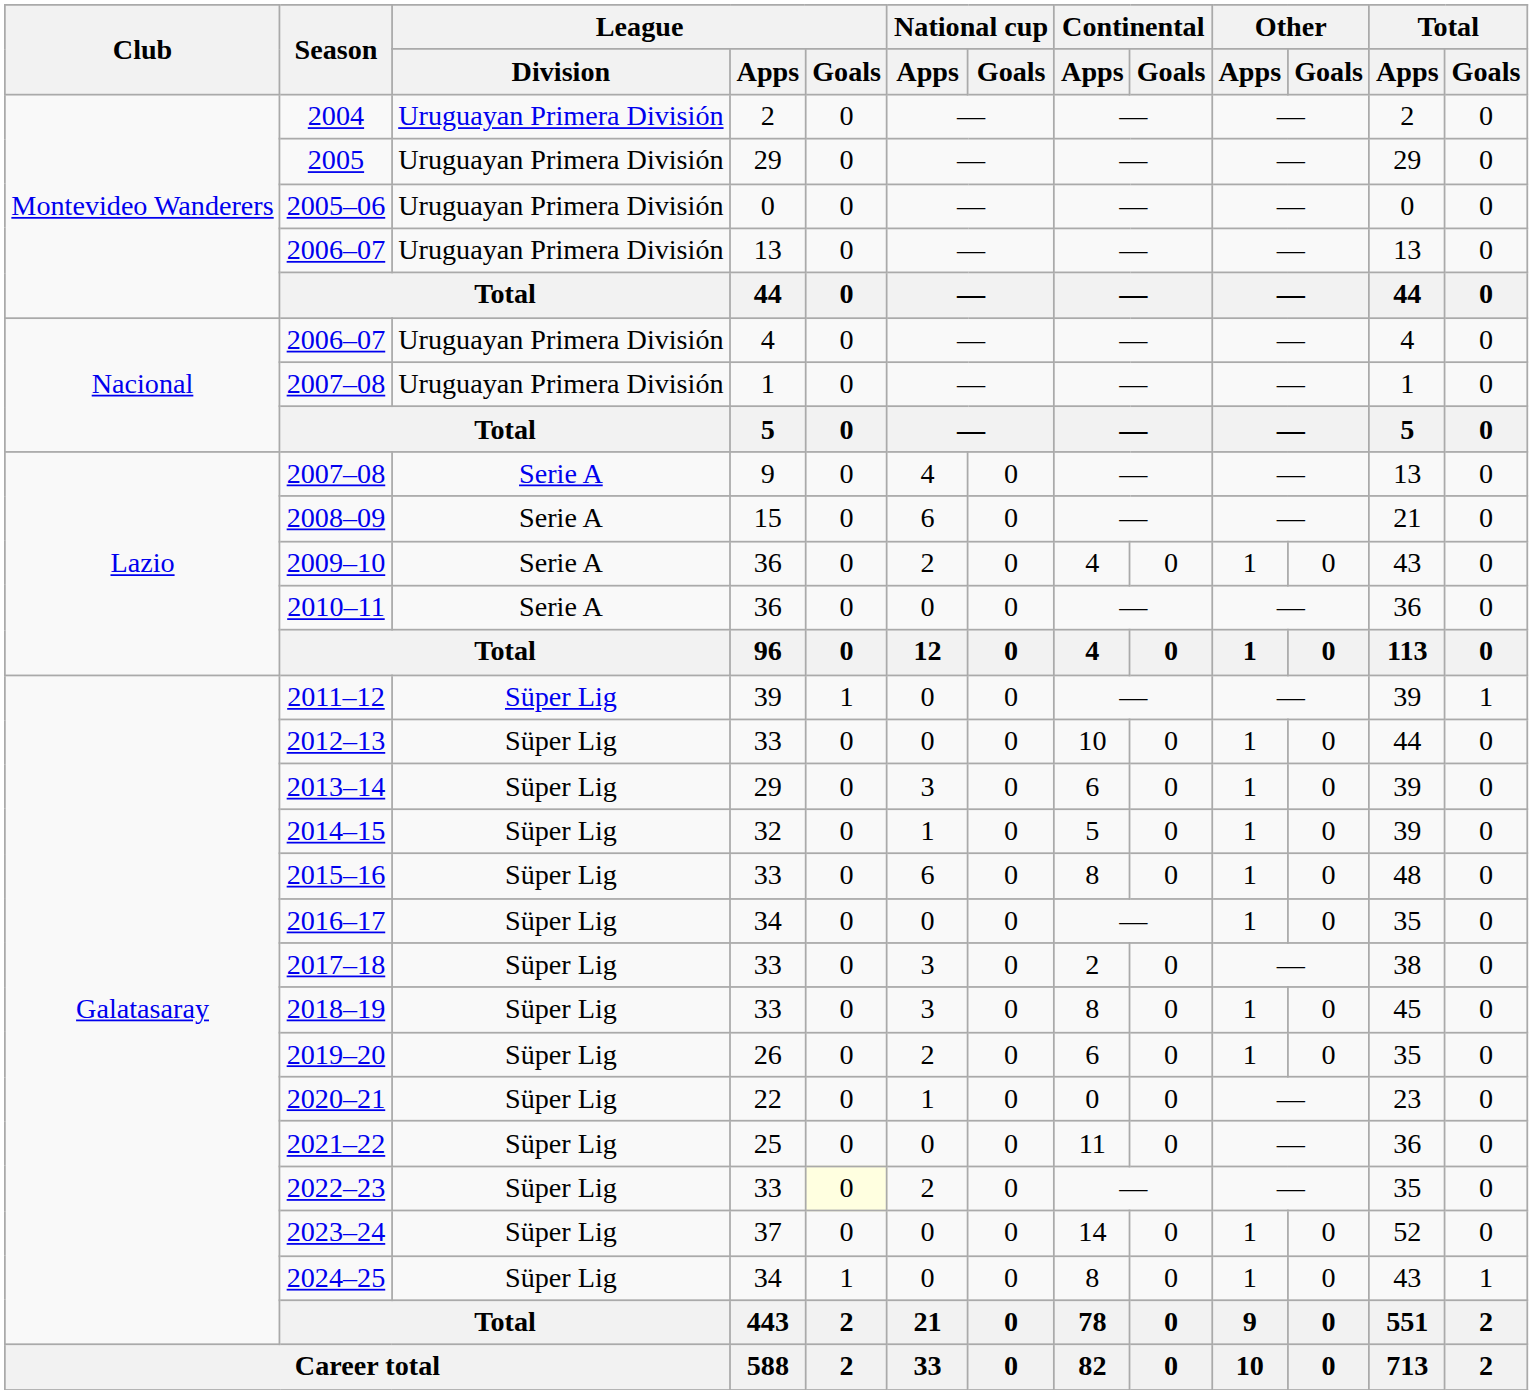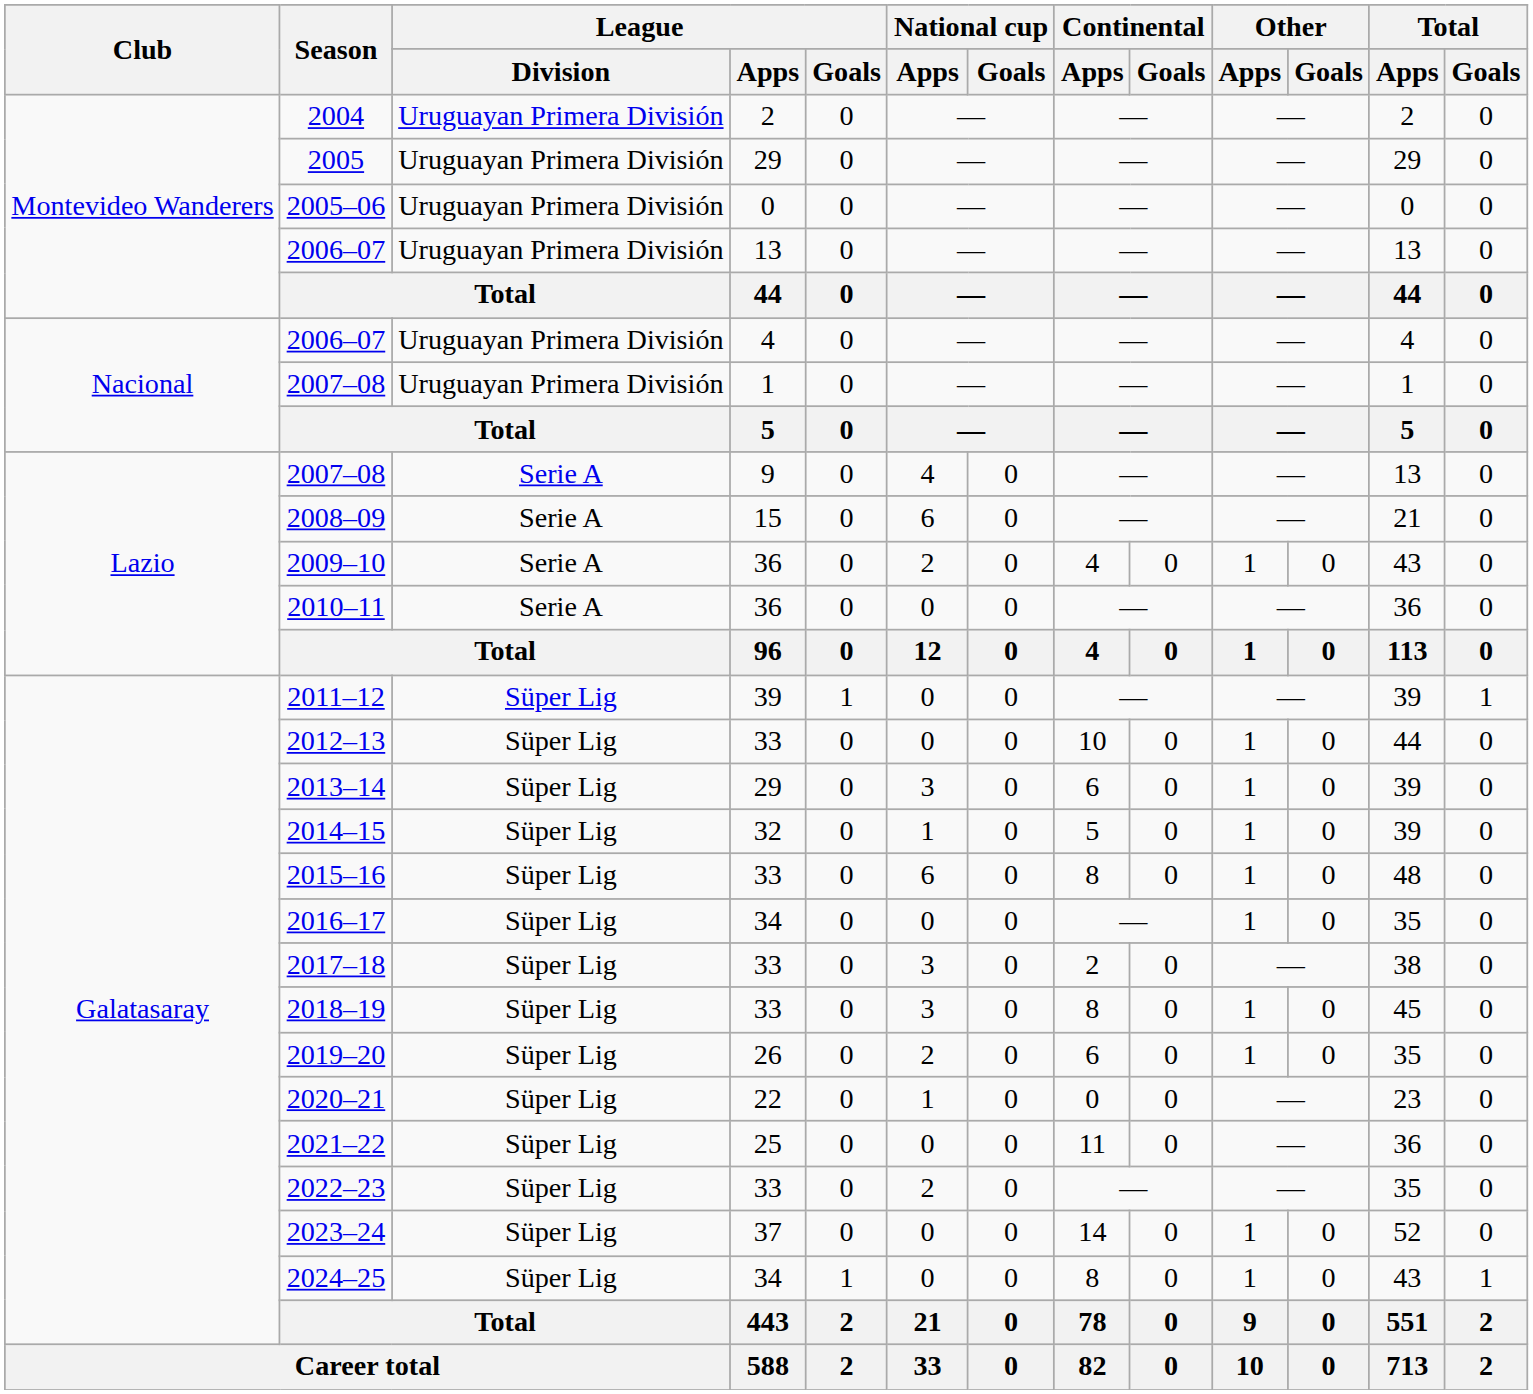 <table class="wikitable" style="text-align:center">
 <tr>
 <th rowspan="2">Club</th>
 <th rowspan="2">Season</th>
 <th colspan="3">League</th>
 <th colspan="2">National cup</th>
 <th colspan="2">Continental</th>
 <th colspan="2">Other</th>
 <th colspan="2">Total</th>
 </tr>
 <tr>
 <th>Division</th>
 <th>Apps</th>
 <th>Goals</th>
 <th>Apps</th>
 <th>Goals</th>
 <th>Apps</th>
 <th>Goals</th>
 <th>Apps</th>
 <th>Goals</th>
 <th>Apps</th>
 <th>Goals</th>
 </tr>
 <tr>
 <td rowspan="5"><a href='#'>Montevideo Wanderers</a></td>
 <td><a href='#'>2004</a></td>
 <td><a href='#'>Uruguayan Primera División</a></td>
 <td>2</td>
 <td>0</td>
 <td colspan="2">—</td>
 <td colspan="2">—</td>
 <td colspan="2">—</td>
 <td>2</td>
 <td>0</td>
 </tr>
 <tr>
 <td><a href='#'>2005</a></td>
 <td>Uruguayan Primera División</td>
 <td>29</td>
 <td>0</td>
 <td colspan="2">—</td>
 <td colspan="2">—</td>
 <td colspan="2">—</td>
 <td>29</td>
 <td>0</td>
 </tr>
 <tr>
 <td><a href='#'>2005–06</a></td>
 <td>Uruguayan Primera División</td>
 <td>0</td>
 <td>0</td>
 <td colspan="2">—</td>
 <td colspan="2">—</td>
 <td colspan="2">—</td>
 <td>0</td>
 <td>0</td>
 </tr>
 <tr>
 <td><a href='#'>2006–07</a></td>
 <td>Uruguayan Primera División</td>
 <td>13</td>
 <td>0</td>
 <td colspan="2">—</td>
 <td colspan="2">—</td>
 <td colspan="2">—</td>
 <td>13</td>
 <td>0</td>
 </tr>
 <tr>
 <th colspan="2">Total</th>
 <th>44</th>
 <th>0</th>
 <th colspan="2">—</th>
 <th colspan="2">—</th>
 <th colspan="2">—</th>
 <th>44</th>
 <th>0</th>
 </tr>
 <tr>
 <td rowspan="3"><a href='#'>Nacional</a></td>
 <td><a href='#'>2006–07</a></td>
 <td>Uruguayan Primera División</td>
 <td>4</td>
 <td>0</td>
 <td colspan="2">—</td>
 <td colspan="2">—</td>
 <td colspan="2">—</td>
 <td>4</td>
 <td>0</td>
 </tr>
 <tr>
 <td><a href='#'>2007–08</a></td>
 <td>Uruguayan Primera División</td>
 <td>1</td>
 <td>0</td>
 <td colspan="2">—</td>
 <td colspan="2">—</td>
 <td colspan="2">—</td>
 <td>1</td>
 <td>0</td>
 </tr>
 <tr>
 <th colspan="2">Total</th>
 <th>5</th>
 <th>0</th>
 <th colspan="2">—</th>
 <th colspan="2">—</th>
 <th colspan="2">—</th>
 <th>5</th>
 <th>0</th>
 </tr>
 <tr>
 <td rowspan="5"><a href='#'>Lazio</a></td>
 <td><a href='#'>2007–08</a></td>
 <td><a href='#'>Serie A</a></td>
 <td>9</td>
 <td>0</td>
 <td>4</td>
 <td>0</td>
 <td colspan="2">—</td>
 <td colspan="2">—</td>
 <td>13</td>
 <td>0</td>
 </tr>
 <tr>
 <td><a href='#'>2008–09</a></td>
 <td>Serie A</td>
 <td>15</td>
 <td>0</td>
 <td>6</td>
 <td>0</td>
 <td colspan="2">—</td>
 <td colspan="2">—</td>
 <td>21</td>
 <td>0</td>
 </tr>
 <tr>
 <td><a href='#'>2009–10</a></td>
 <td>Serie A</td>
 <td>36</td>
 <td>0</td>
 <td>2</td>
 <td>0</td>
 <td>4</td>
 <td>0</td>
 <td>1</td>
 <td>0</td>
 <td>43</td>
 <td>0</td>
 </tr>
 <tr>
 <td><a href='#'>2010–11</a></td>
 <td>Serie A</td>
 <td>36</td>
 <td>0</td>
 <td>0</td>
 <td>0</td>
 <td colspan="2">—</td>
 <td colspan="2">—</td>
 <td>36</td>
 <td>0</td>
 </tr>
 <tr>
 <th colspan="2">Total</th>
 <th>96</th>
 <th>0</th>
 <th>12</th>
 <th>0</th>
 <th>4</th>
 <th>0</th>
 <th>1</th>
 <th>0</th>
 <th>113</th>
 <th>0</th>
 </tr>
 <tr>
 <td rowspan="15"><a href='#'>Galatasaray</a></td>
 <td><a href='#'>2011–12</a></td>
 <td><a href='#'>Süper Lig</a></td>
 <td>39</td>
 <td>1</td>
 <td>0</td>
 <td>0</td>
 <td colspan="2">—</td>
 <td colspan="2">—</td>
 <td>39</td>
 <td>1</td>
 </tr>
 <tr>
 <td><a href='#'>2012–13</a></td>
 <td>Süper Lig</td>
 <td>33</td>
 <td>0</td>
 <td>0</td>
 <td>0</td>
 <td>10</td>
 <td>0</td>
 <td>1</td>
 <td>0</td>
 <td>44</td>
 <td>0</td>
 </tr>
 <tr>
 <td><a href='#'>2013–14</a></td>
 <td>Süper Lig</td>
 <td>29</td>
 <td>0</td>
 <td>3</td>
 <td>0</td>
 <td>6</td>
 <td>0</td>
 <td>1</td>
 <td>0</td>
 <td>39</td>
 <td>0</td>
 </tr>
 <tr>
 <td><a href='#'>2014–15</a></td>
 <td>Süper Lig</td>
 <td>32</td>
 <td>0</td>
 <td>1</td>
 <td>0</td>
 <td>5</td>
 <td>0</td>
 <td>1</td>
 <td>0</td>
 <td>39</td>
 <td>0</td>
 </tr>
 <tr>
 <td><a href='#'>2015–16</a></td>
 <td>Süper Lig</td>
 <td>33</td>
 <td>0</td>
 <td>6</td>
 <td>0</td>
 <td>8</td>
 <td>0</td>
 <td>1</td>
 <td>0</td>
 <td>48</td>
 <td>0</td>
 </tr>
 <tr>
 <td><a href='#'>2016–17</a></td>
 <td>Süper Lig</td>
 <td>34</td>
 <td>0</td>
 <td>0</td>
 <td>0</td>
 <td colspan="2">—</td>
 <td>1</td>
 <td>0</td>
 <td>35</td>
 <td>0</td>
 </tr>
 <tr>
 <td><a href='#'>2017–18</a></td>
 <td>Süper Lig</td>
 <td>33</td>
 <td>0</td>
 <td>3</td>
 <td>0</td>
 <td>2</td>
 <td>0</td>
 <td colspan="2">—</td>
 <td>38</td>
 <td>0</td>
 </tr>
 <tr>
 <td><a href='#'>2018–19</a></td>
 <td>Süper Lig</td>
 <td>33</td>
 <td>0</td>
 <td>3</td>
 <td>0</td>
 <td>8</td>
 <td>0</td>
 <td>1</td>
 <td>0</td>
 <td>45</td>
 <td>0</td>
 </tr>
 <tr>
 <td><a href='#'>2019–20</a></td>
 <td>Süper Lig</td>
 <td>26</td>
 <td>0</td>
 <td>2</td>
 <td>0</td>
 <td>6</td>
 <td>0</td>
 <td>1</td>
 <td>0</td>
 <td>35</td>
 <td>0</td>
 </tr>
 <tr>
 <td><a href='#'>2020–21</a></td>
 <td>Süper Lig</td>
 <td>22</td>
 <td>0</td>
 <td>1</td>
 <td>0</td>
 <td>0</td>
 <td>0</td>
 <td colspan="2">—</td>
 <td>23</td>
 <td>0</td>
 </tr>
 <tr>
 <td><a href='#'>2021–22</a></td>
 <td>Süper Lig</td>
 <td>25</td>
 <td>0</td>
 <td>0</td>
 <td>0</td>
 <td>11</td>
 <td>0</td>
 <td colspan="2">—</td>
 <td>36</td>
 <td>0</td>
 </tr>
 <tr>
 <td><a href='#'>2022–23</a></td>
 <td>Süper Lig</td>
 <td>33</td>
-<td style="background: lightyellow;">0</td>
+<td>0</td>
 <td>2</td>
 <td>0</td>
 <td colspan="2">—</td>
 <td colspan="2">—</td>
 <td>35</td>
 <td>0</td>
 </tr>
 <tr>
 <td><a href='#'>2023–24</a></td>
 <td>Süper Lig</td>
 <td>37</td>
 <td>0</td>
 <td>0</td>
 <td>0</td>
 <td>14</td>
 <td>0</td>
 <td>1</td>
 <td>0</td>
 <td>52</td>
 <td>0</td>
 </tr>
 <tr>
 <td><a href='#'>2024–25</a></td>
 <td>Süper Lig</td>
 <td>34</td>
 <td>1</td>
 <td>0</td>
 <td>0</td>
 <td>8</td>
 <td>0</td>
 <td>1</td>
 <td>0</td>
 <td>43</td>
 <td>1</td>
 </tr>
 <tr>
 <th colspan="2">Total</th>
 <th>443</th>
 <th>2</th>
 <th>21</th>
 <th>0</th>
 <th>78</th>
 <th>0</th>
 <th>9</th>
 <th>0</th>
 <th>551</th>
 <th>2</th>
 </tr>
 <tr>
 <th colspan="3">Career total</th>
 <th>588</th>
 <th>2</th>
 <th>33</th>
 <th>0</th>
 <th>82</th>
 <th>0</th>
 <th>10</th>
 <th>0</th>
 <th>713</th>
 <th>2</th>
 </tr>
 </table>
